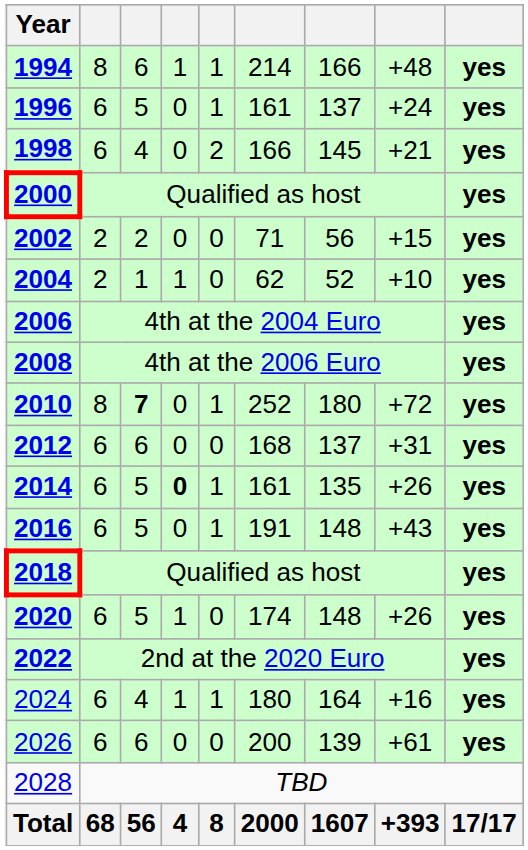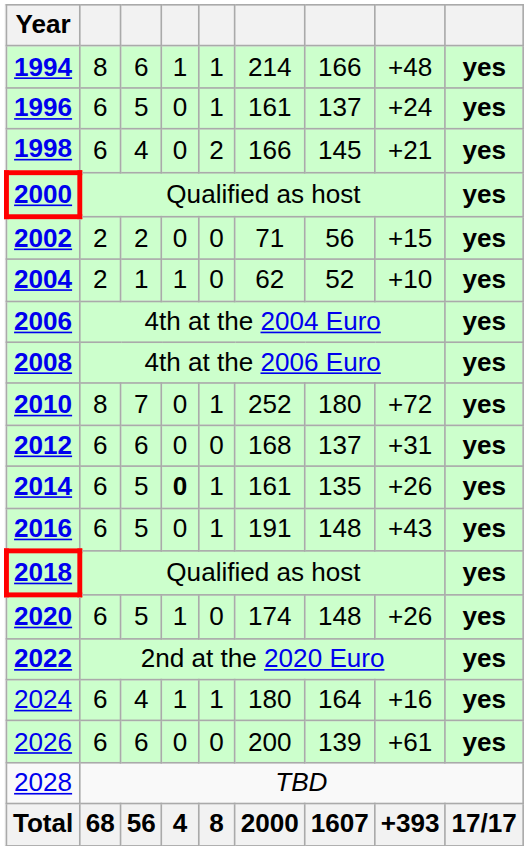 <table class="wikitable" style="text-align: center;">
 <tr>
 <th>Year</th>
 <th width="15"></th>
 <th width="15"></th>
 <th width="15"></th>
 <th width="15"></th>
 <th></th>
 <th></th>
 <th></th>
 <th></th>
 </tr>
 <tr style="background:#ccffcc;">
 <td> <strong><a href='#'>1994</a></strong></td>
 <td>8</td>
 <td>6</td>
 <td>1</td>
 <td>1</td>
 <td>214</td>
 <td>166</td>
 <td>+48</td>
 <td><strong>yes</strong></td>
 </tr>
 <tr style="background:#ccffcc;">
 <td> <strong><a href='#'>1996</a></strong></td>
 <td>6</td>
 <td>5</td>
 <td>0</td>
 <td>1</td>
 <td>161</td>
 <td>137</td>
 <td>+24</td>
 <td><strong>yes</strong></td>
 </tr>
 <tr style="background:#ccffcc;">
 <td> <strong><a href='#'>1998</a></strong></td>
 <td>6</td>
 <td>4</td>
 <td>0</td>
 <td>2</td>
 <td>166</td>
 <td>145</td>
 <td>+21</td>
 <td><strong>yes</strong></td>
 </tr>
 <tr style="background:#ccffcc;">
 <td style="border: 3px solid red"> <strong><a href='#'>2000</a></strong></td>
 <td colspan="7">Qualified as host</td>
 <td><strong>yes</strong></td>
 </tr>
 <tr style="background:#ccffcc;">
 <td> <strong><a href='#'>2002</a></strong></td>
 <td>2</td>
 <td>2</td>
 <td>0</td>
 <td>0</td>
 <td>71</td>
 <td>56</td>
 <td>+15</td>
 <td><strong>yes</strong></td>
 </tr>
 <tr style="background:#ccffcc;">
 <td> <strong><a href='#'>2004</a></strong></td>
 <td>2</td>
 <td>1</td>
 <td>1</td>
 <td>0</td>
 <td>62</td>
 <td>52</td>
 <td>+10</td>
 <td><strong>yes</strong></td>
 </tr>
 <tr style="background:#ccffcc;">
 <td> <strong><a href='#'>2006</a></strong></td>
 <td colspan="7">4th at the <a href='#'>2004 Euro</a></td>
 <td><strong>yes</strong></td>
 </tr>
 <tr style="background:#ccffcc;">
 <td> <strong><a href='#'>2008</a></strong></td>
 <td colspan="7">4th at the <a href='#'>2006 Euro</a></td>
 <td><strong>yes</strong></td>
 </tr>
 <tr style="background:#ccffcc;">
 <td> <strong><a href='#'>2010</a></strong></td>
 <td>8</td>
-<td><strong>7</strong></td>
+<td>7</td>
 <td>0</td>
 <td>1</td>
 <td>252</td>
 <td>180</td>
 <td>+72</td>
 <td><strong>yes</strong></td>
 </tr>
 <tr style="background:#ccffcc;">
 <td> <strong><a href='#'>2012</a></strong></td>
 <td>6</td>
 <td>6</td>
 <td>0</td>
 <td>0</td>
 <td>168</td>
 <td>137</td>
 <td>+31</td>
 <td><strong>yes</strong></td>
 </tr>
 <tr style="background:#ccffcc;">
 <td> <strong><a href='#'>2014</a></strong></td>
 <td>6</td>
 <td>5</td>
 <td><strong>0</strong></td>
 <td>1</td>
 <td>161</td>
 <td>135</td>
 <td>+26</td>
 <td><strong>yes</strong></td>
 </tr>
 <tr style="background:#ccffcc;">
 <td> <strong><a href='#'>2016</a></strong></td>
 <td>6</td>
 <td>5</td>
 <td>0</td>
 <td>1</td>
 <td>191</td>
 <td>148</td>
 <td>+43</td>
 <td><strong>yes</strong></td>
 </tr>
 <tr style="background:#ccffcc;">
 <td style="border: 3px solid red"> <strong><a href='#'>2018</a></strong></td>
 <td colspan="7">Qualified as host</td>
 <td><strong>yes</strong></td>
 </tr>
 <tr style="background:#ccffcc;">
 <td> <strong><a href='#'>2020</a></strong></td>
 <td>6</td>
 <td>5</td>
 <td>1</td>
 <td>0</td>
 <td>174</td>
 <td>148</td>
 <td>+26</td>
 <td><strong>yes</strong></td>
 </tr>
 <tr style="background:#ccffcc;">
 <td><strong> <a href='#'>2022</a></strong></td>
 <td colspan="7">2nd at the <a href='#'>2020 Euro</a></td>
 <td><strong>yes</strong></td>
 </tr>
 <tr style="background:#ccffcc;">
 <td> <a href='#'>2024</a></td>
 <td>6</td>
 <td>4</td>
 <td>1</td>
 <td>1</td>
 <td>180</td>
 <td>164</td>
 <td>+16</td>
 <td><strong>yes</strong></td>
 </tr>
 <tr style="background:#ccffcc;">
 <td> <a href='#'>2026</a></td>
 <td>6</td>
 <td>6</td>
 <td>0</td>
 <td>0</td>
 <td>200</td>
 <td>139</td>
 <td>+61</td>
 <td><strong>yes</strong></td>
 </tr>
 <tr>
 <td> <a href='#'>2028</a></td>
 <td colspan="8"><em>TBD</em></td>
 </tr>
 <tr>
 <th>Total</th>
 <th>68</th>
 <th>56</th>
 <th>4</th>
 <th>8</th>
 <th>2000</th>
 <th>1607</th>
 <th>+393</th>
 <th>17/17</th>
 </tr>
 </table>
